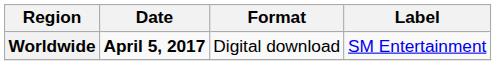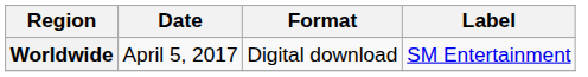 <table class="wikitable plainrowheaders">
 <tr>
 <th>Region</th>
 <th>Date</th>
 <th>Format</th>
 <th>Label</th>
 </tr>
 <tr>
 <th scope=row>Worldwide</th>
-<td><strong>April 5, 2017</strong></td>
+<td>April 5, 2017</td>
 <td>Digital download</td>
 <td><a href='#'>SM Entertainment</a></td>
 </tr>
 <tr>
 </tr>
 </table>
